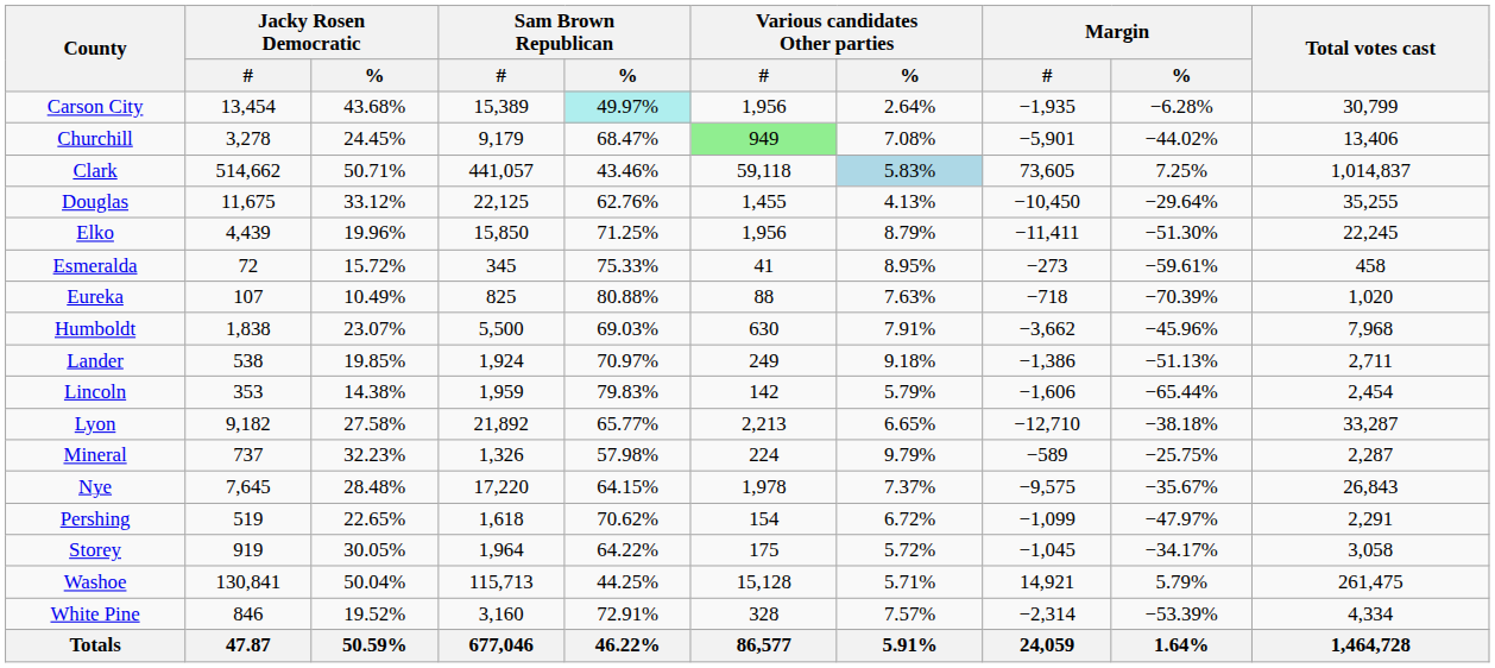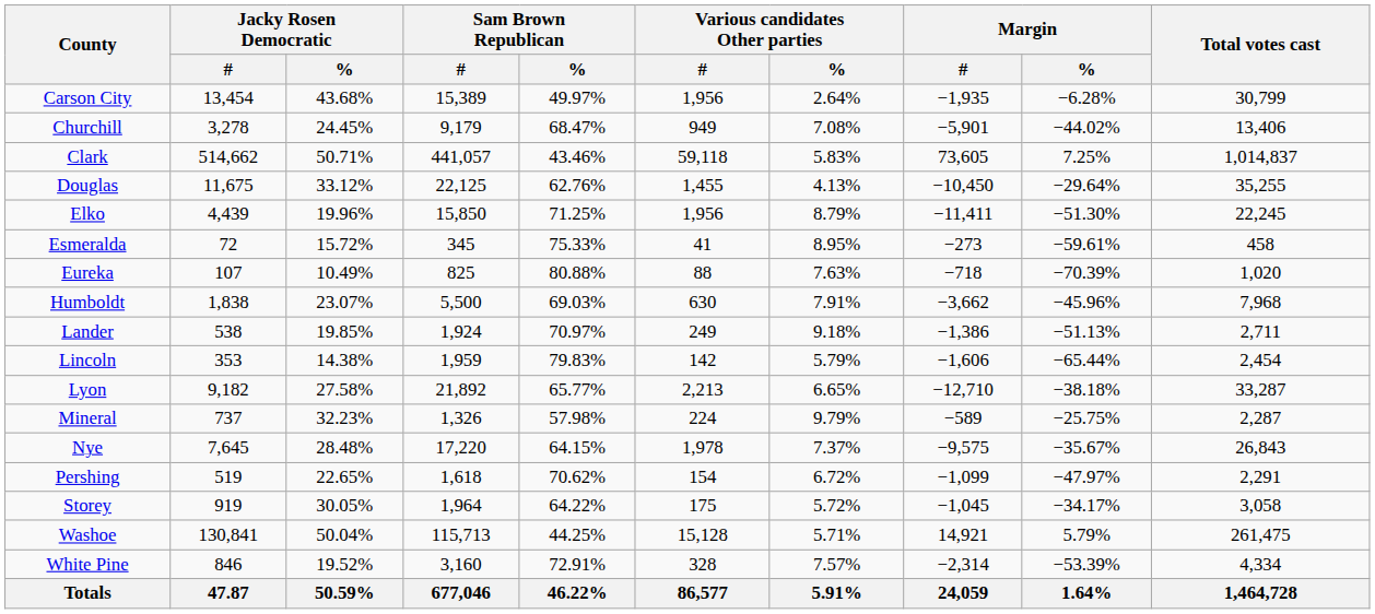 <table width="60%"  class="wikitable sortable" style="text-align:center">
 <tr>
 <th rowspan="2">County</th>
 <th style="text-align:center;" colspan="2">Jacky Rosen<br>Democratic</th>
 <th style="text-align:center;" colspan="2">Sam Brown<br>Republican</th>
 <th style="text-align:center;" colspan="2">Various candidates<br>Other parties</th>
 <th style="text-align:center;" colspan="2">Margin</th>
 <th rowspan="2" style="text-align:center;">Total votes cast</th>
 </tr>
 <tr>
 <th style="text-align:center;" data-sort-type="number">#</th>
 <th style="text-align:center;" data-sort-type="number">%</th>
 <th style="text-align:center;" data-sort-type="number">#</th>
 <th style="text-align:center;" data-sort-type="number">%</th>
 <th style="text-align:center;" data-sort-type="number">#</th>
 <th style="text-align:center;" data-sort-type="number">%</th>
 <th style="text-align:center;" data-sort-type="number">#</th>
 <th style="text-align:center;" data-sort-type="number">%</th>
 </tr>
 <tr style="text-align:center;">
 <td><a href='#'>Carson City</a></td>
 <td>13,454</td>
 <td>43.68%</td>
 <td>15,389</td>
-<td style="background: paleturquoise;">49.97%</td>
+<td>49.97%</td>
 <td>1,956</td>
 <td>2.64%</td>
 <td>−1,935</td>
 <td>−6.28%</td>
 <td>30,799</td>
 </tr>
 <tr style="text-align:center;">
 <td><a href='#'>Churchill</a></td>
 <td>3,278</td>
 <td>24.45%</td>
 <td>9,179</td>
 <td>68.47%</td>
-<td style="background: lightgreen;">949</td>
+<td>949</td>
 <td>7.08%</td>
 <td>−5,901</td>
 <td>−44.02%</td>
 <td>13,406</td>
 </tr>
 <tr style="text-align:center;">
 <td><a href='#'>Clark</a></td>
 <td>514,662</td>
 <td>50.71%</td>
 <td>441,057</td>
 <td>43.46%</td>
 <td>59,118</td>
-<td style="background: lightblue;">5.83%</td>
+<td>5.83%</td>
 <td>73,605</td>
 <td>7.25%</td>
 <td>1,014,837</td>
 </tr>
 <tr style="text-align:center;">
 <td><a href='#'>Douglas</a></td>
 <td>11,675</td>
 <td>33.12%</td>
 <td>22,125</td>
 <td>62.76%</td>
 <td>1,455</td>
 <td>4.13%</td>
 <td>−10,450</td>
 <td>−29.64%</td>
 <td>35,255</td>
 </tr>
 <tr style="text-align:center;">
 <td><a href='#'>Elko</a></td>
 <td>4,439</td>
 <td>19.96%</td>
 <td>15,850</td>
 <td>71.25%</td>
 <td>1,956</td>
 <td>8.79%</td>
 <td>−11,411</td>
 <td>−51.30%</td>
 <td>22,245</td>
 </tr>
 <tr style="text-align:center;">
 <td><a href='#'>Esmeralda</a></td>
 <td>72</td>
 <td>15.72%</td>
 <td>345</td>
 <td>75.33%</td>
 <td>41</td>
 <td>8.95%</td>
 <td>−273</td>
 <td>−59.61%</td>
 <td>458</td>
 </tr>
 <tr style="text-align:center;">
 <td><a href='#'>Eureka</a></td>
 <td>107</td>
 <td>10.49%</td>
 <td>825</td>
 <td>80.88%</td>
 <td>88</td>
 <td>7.63%</td>
 <td>−718</td>
 <td>−70.39%</td>
 <td>1,020</td>
 </tr>
 <tr style="text-align:center;">
 <td><a href='#'>Humboldt</a></td>
 <td>1,838</td>
 <td>23.07%</td>
 <td>5,500</td>
 <td>69.03%</td>
 <td>630</td>
 <td>7.91%</td>
 <td>−3,662</td>
 <td>−45.96%</td>
 <td>7,968</td>
 </tr>
 <tr style="text-align:center;">
 <td><a href='#'>Lander</a></td>
 <td>538</td>
 <td>19.85%</td>
 <td>1,924</td>
 <td>70.97%</td>
 <td>249</td>
 <td>9.18%</td>
 <td>−1,386</td>
 <td>−51.13%</td>
 <td>2,711</td>
 </tr>
 <tr style="text-align:center;">
 <td><a href='#'>Lincoln</a></td>
 <td>353</td>
 <td>14.38%</td>
 <td>1,959</td>
 <td>79.83%</td>
 <td>142</td>
 <td>5.79%</td>
 <td>−1,606</td>
 <td>−65.44%</td>
 <td>2,454</td>
 </tr>
 <tr style="text-align:center;">
 <td><a href='#'>Lyon</a></td>
 <td>9,182</td>
 <td>27.58%</td>
 <td>21,892</td>
 <td>65.77%</td>
 <td>2,213</td>
 <td>6.65%</td>
 <td>−12,710</td>
 <td>−38.18%</td>
 <td>33,287</td>
 </tr>
 <tr style="text-align:center;">
 <td><a href='#'>Mineral</a></td>
 <td>737</td>
 <td>32.23%</td>
 <td>1,326</td>
 <td>57.98%</td>
 <td>224</td>
 <td>9.79%</td>
 <td>−589</td>
 <td>−25.75%</td>
 <td>2,287</td>
 </tr>
 <tr style="text-align:center;">
 <td><a href='#'>Nye</a></td>
 <td>7,645</td>
 <td>28.48%</td>
 <td>17,220</td>
 <td>64.15%</td>
 <td>1,978</td>
 <td>7.37%</td>
 <td>−9,575</td>
 <td>−35.67%</td>
 <td>26,843</td>
 </tr>
 <tr style="text-align:center;">
 <td><a href='#'>Pershing</a></td>
 <td>519</td>
 <td>22.65%</td>
 <td>1,618</td>
 <td>70.62%</td>
 <td>154</td>
 <td>6.72%</td>
 <td>−1,099</td>
 <td>−47.97%</td>
 <td>2,291</td>
 </tr>
 <tr style="text-align:center;">
 <td><a href='#'>Storey</a></td>
 <td>919</td>
 <td>30.05%</td>
 <td>1,964</td>
 <td>64.22%</td>
 <td>175</td>
 <td>5.72%</td>
 <td>−1,045</td>
 <td>−34.17%</td>
 <td>3,058</td>
 </tr>
 <tr style="text-align:center;">
 <td><a href='#'>Washoe</a></td>
 <td>130,841</td>
 <td>50.04%</td>
 <td>115,713</td>
 <td>44.25%</td>
 <td>15,128</td>
 <td>5.71%</td>
 <td>14,921</td>
 <td>5.79%</td>
 <td>261,475</td>
 </tr>
 <tr style="text-align:center;">
 <td><a href='#'>White Pine</a></td>
 <td>846</td>
 <td>19.52%</td>
 <td>3,160</td>
 <td>72.91%</td>
 <td>328</td>
 <td>7.57%</td>
 <td>−2,314</td>
 <td>−53.39%</td>
 <td>4,334</td>
 </tr>
 <tr>
 <th>Totals</th>
 <th>47.87</th>
 <th>50.59%</th>
 <th>677,046</th>
 <th>46.22%</th>
 <th>86,577</th>
 <th>5.91%</th>
 <th>24,059</th>
 <th>1.64%</th>
 <th>1,464,728</th>
 </tr>
 </table>
